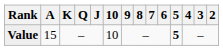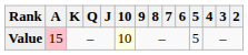 <table class="wikitable" align="right">
 <tr>
 <th>Rank</th>
 <th>A</th>
 <th>K</th>
 <th>Q</th>
 <th>J</th>
 <th>10</th>
 <th>9</th>
 <th>8</th>
 <th>7</th>
 <th>6</th>
 <th>5</th>
 <th>4</th>
 <th>3</th>
 <th>2</th>
 </tr>
 <tr align="center">
 <td style="background:#efefef;"><strong>Value</strong></td>
-<td>15</td>
+<td style="background: pink;">15</td>
 <td colspan=3>–</td>
-<td>10</td>
+<td style="background: lightyellow;">10</td>
 <td colspan=4>–</td>
-<td><strong>5</strong></td>
+<td>5</td>
 <td colspan=3>–</td>
 </tr>
 </table>
